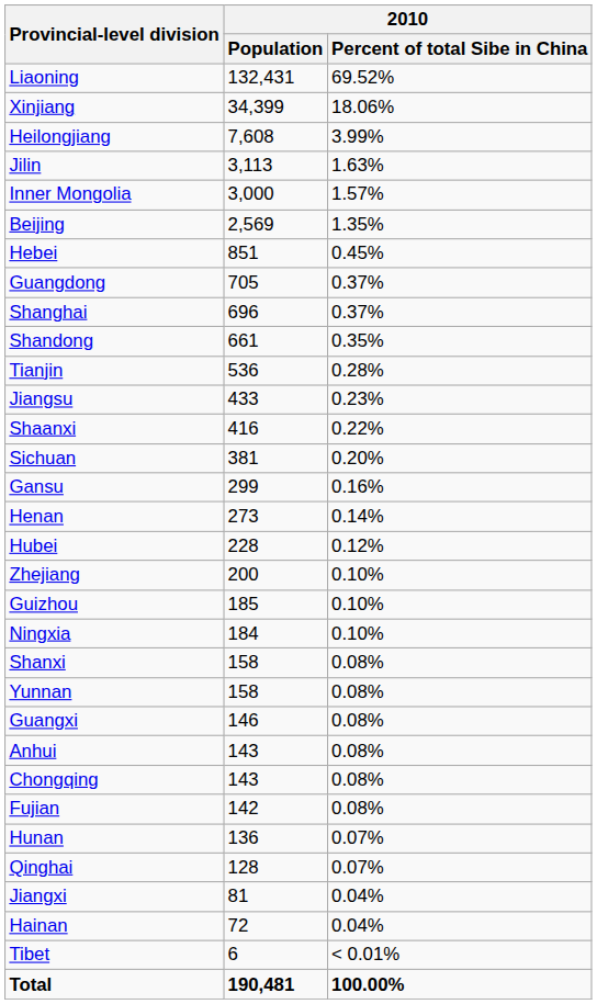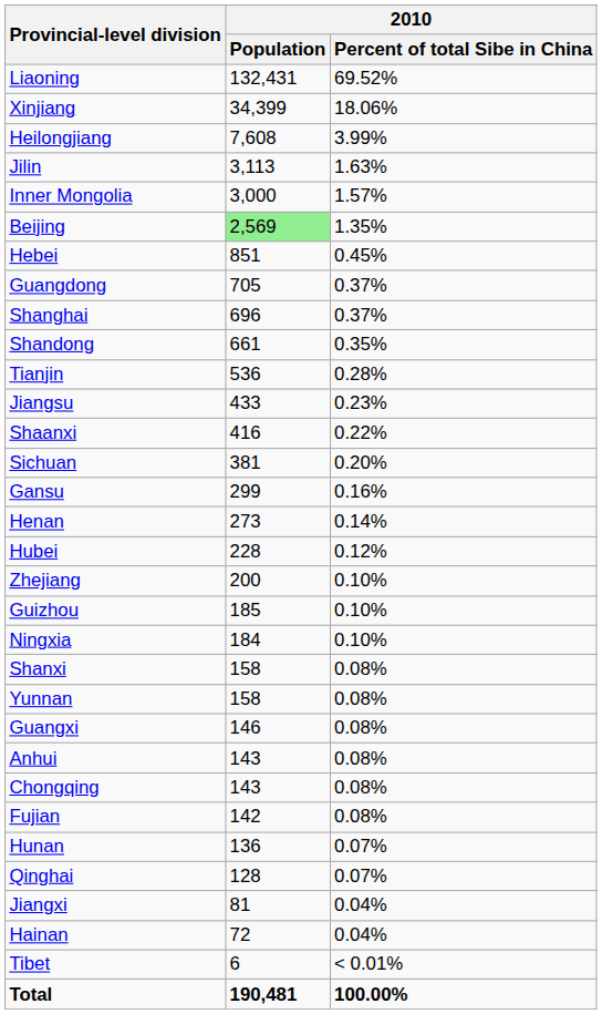 <table class="wikitable">
 <tr>
 <th rowspan="2">Provincial-level division</th>
 <th colspan="2">2010</th>
 </tr>
 <tr>
 <th>Population</th>
 <th>Percent of total Sibe in China</th>
 </tr>
 <tr>
 <td><a href='#'>Liaoning</a></td>
 <td>132,431</td>
 <td>69.52%</td>
 </tr>
 <tr>
 <td><a href='#'>Xinjiang</a></td>
 <td>34,399</td>
 <td>18.06%</td>
 </tr>
 <tr>
 <td><a href='#'>Heilongjiang</a></td>
 <td>7,608</td>
 <td>3.99%</td>
 </tr>
 <tr>
 <td><a href='#'>Jilin</a></td>
 <td>3,113</td>
 <td>1.63%</td>
 </tr>
 <tr>
 <td><a href='#'>Inner Mongolia</a></td>
 <td>3,000</td>
 <td>1.57%</td>
 </tr>
 <tr>
 <td><a href='#'>Beijing</a></td>
-<td>2,569</td>
+<td style="background: lightgreen;">2,569</td>
 <td>1.35%</td>
 </tr>
 <tr>
 <td><a href='#'>Hebei</a></td>
 <td>851</td>
 <td>0.45%</td>
 </tr>
 <tr>
 <td><a href='#'>Guangdong</a></td>
 <td>705</td>
 <td>0.37%</td>
 </tr>
 <tr>
 <td><a href='#'>Shanghai</a></td>
 <td>696</td>
 <td>0.37%</td>
 </tr>
 <tr>
 <td><a href='#'>Shandong</a></td>
 <td>661</td>
 <td>0.35%</td>
 </tr>
 <tr>
 <td><a href='#'>Tianjin</a></td>
 <td>536</td>
 <td>0.28%</td>
 </tr>
 <tr>
 <td><a href='#'>Jiangsu</a></td>
 <td>433</td>
 <td>0.23%</td>
 </tr>
 <tr>
 <td><a href='#'>Shaanxi</a></td>
 <td>416</td>
 <td>0.22%</td>
 </tr>
 <tr>
 <td><a href='#'>Sichuan</a></td>
 <td>381</td>
 <td>0.20%</td>
 </tr>
 <tr>
 <td><a href='#'>Gansu</a></td>
 <td>299</td>
 <td>0.16%</td>
 </tr>
 <tr>
 <td><a href='#'>Henan</a></td>
 <td>273</td>
 <td>0.14%</td>
 </tr>
 <tr>
 <td><a href='#'>Hubei</a></td>
 <td>228</td>
 <td>0.12%</td>
 </tr>
 <tr>
 <td><a href='#'>Zhejiang</a></td>
 <td>200</td>
 <td>0.10%</td>
 </tr>
 <tr>
 <td><a href='#'>Guizhou</a></td>
 <td>185</td>
 <td>0.10%</td>
 </tr>
 <tr>
 <td><a href='#'>Ningxia</a></td>
 <td>184</td>
 <td>0.10%</td>
 </tr>
 <tr>
 <td><a href='#'>Shanxi</a></td>
 <td>158</td>
 <td>0.08%</td>
 </tr>
 <tr>
 <td><a href='#'>Yunnan</a></td>
 <td>158</td>
 <td>0.08%</td>
 </tr>
 <tr>
 <td><a href='#'>Guangxi</a></td>
 <td>146</td>
 <td>0.08%</td>
 </tr>
 <tr>
 <td><a href='#'>Anhui</a></td>
 <td>143</td>
 <td>0.08%</td>
 </tr>
 <tr>
 <td><a href='#'>Chongqing</a></td>
 <td>143</td>
 <td>0.08%</td>
 </tr>
 <tr>
 <td><a href='#'>Fujian</a></td>
 <td>142</td>
 <td>0.08%</td>
 </tr>
 <tr>
 <td><a href='#'>Hunan</a></td>
 <td>136</td>
 <td>0.07%</td>
 </tr>
 <tr>
 <td><a href='#'>Qinghai</a></td>
 <td>128</td>
 <td>0.07%</td>
 </tr>
 <tr>
 <td><a href='#'>Jiangxi</a></td>
 <td>81</td>
 <td>0.04%</td>
 </tr>
 <tr>
 <td><a href='#'>Hainan</a></td>
 <td>72</td>
 <td>0.04%</td>
 </tr>
 <tr>
 <td><a href='#'>Tibet</a></td>
 <td>6</td>
 <td>< 0.01%</td>
 </tr>
 <tr>
 <td><strong>Total</strong></td>
 <td><strong>190,481</strong></td>
 <td><strong>100.00%</strong></td>
 </tr>
 </table>
